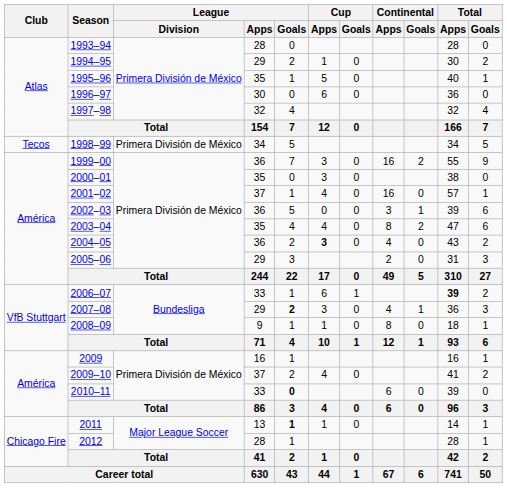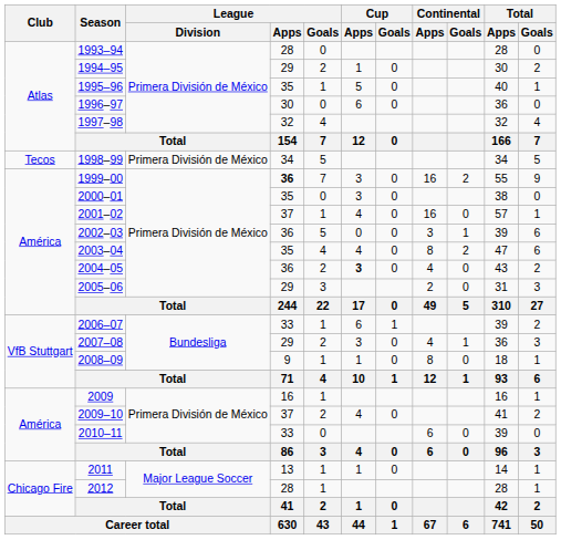 <table class="wikitable" style="text-align:center">
 <tr>
 <th rowspan="2">Club</th>
 <th rowspan="2">Season</th>
 <th colspan="3">League</th>
 <th colspan="2">Cup</th>
 <th colspan="2">Continental</th>
 <th colspan="2">Total</th>
 </tr>
 <tr>
 <th>Division</th>
 <th>Apps</th>
 <th>Goals</th>
 <th>Apps</th>
 <th>Goals</th>
 <th>Apps</th>
 <th>Goals</th>
 <th>Apps</th>
 <th>Goals</th>
 </tr>
 <tr>
 <td rowspan="6"><a href='#'>Atlas</a></td>
 <td><a href='#'>1993–94</a></td>
 <td rowspan="5"><a href='#'>Primera División de México</a></td>
 <td>28</td>
 <td>0</td>
 <td></td>
 <td></td>
 <td></td>
 <td></td>
 <td>28</td>
 <td>0</td>
 </tr>
 <tr>
 <td><a href='#'>1994–95</a></td>
 <td>29</td>
 <td>2</td>
 <td>1</td>
 <td>0</td>
 <td></td>
 <td></td>
 <td>30</td>
 <td>2</td>
 </tr>
 <tr>
 <td><a href='#'>1995–96</a></td>
 <td>35</td>
 <td>1</td>
 <td>5</td>
 <td>0</td>
 <td></td>
 <td></td>
 <td>40</td>
 <td>1</td>
 </tr>
 <tr>
 <td><a href='#'>1996</a>–<a href='#'>97</a></td>
 <td>30</td>
 <td>0</td>
 <td>6</td>
 <td>0</td>
 <td></td>
 <td></td>
 <td>36</td>
 <td>0</td>
 </tr>
 <tr>
 <td><a href='#'>1997</a>–<a href='#'>98</a></td>
 <td>32</td>
 <td>4</td>
 <td></td>
 <td></td>
 <td></td>
 <td></td>
 <td>32</td>
 <td>4</td>
 </tr>
 <tr>
 <th colspan="2">Total</th>
 <th>154</th>
 <th>7</th>
 <th>12</th>
 <th>0</th>
 <th></th>
 <th></th>
 <th>166</th>
 <th>7</th>
 </tr>
 <tr>
 <td><a href='#'>Tecos</a></td>
 <td><a href='#'>1998</a>–<a href='#'>99</a></td>
 <td>Primera División de México</td>
 <td>34</td>
 <td>5</td>
 <td></td>
 <td></td>
 <td></td>
 <td></td>
 <td>34</td>
 <td>5</td>
 </tr>
 <tr>
 <td rowspan="8"><a href='#'>América</a></td>
 <td><a href='#'>1999</a>–<a href='#'>00</a></td>
 <td rowspan="7">Primera División de México</td>
-<td>36</td>
+<td><strong>36</strong></td>
 <td>7</td>
 <td>3</td>
 <td>0</td>
 <td>16</td>
 <td>2</td>
 <td>55</td>
 <td>9</td>
 </tr>
 <tr>
 <td><a href='#'>2000</a>–<a href='#'>01</a></td>
 <td>35</td>
 <td>0</td>
 <td>3</td>
 <td>0</td>
 <td></td>
 <td></td>
 <td>38</td>
 <td>0</td>
 </tr>
 <tr>
 <td><a href='#'>2001</a>–<a href='#'>02</a></td>
 <td>37</td>
 <td>1</td>
 <td>4</td>
 <td>0</td>
 <td>16</td>
 <td>0</td>
 <td>57</td>
 <td>1</td>
 </tr>
 <tr>
 <td><a href='#'>2002</a>–<a href='#'>03</a></td>
 <td>36</td>
 <td>5</td>
 <td>0</td>
 <td>0</td>
 <td>3</td>
 <td>1</td>
 <td>39</td>
 <td>6</td>
 </tr>
 <tr>
 <td><a href='#'>2003</a>–<a href='#'>04</a></td>
 <td>35</td>
 <td>4</td>
 <td>4</td>
 <td>0</td>
 <td>8</td>
 <td>2</td>
 <td>47</td>
 <td>6</td>
 </tr>
 <tr>
 <td><a href='#'>2004</a>–<a href='#'>05</a></td>
 <td>36</td>
 <td>2</td>
 <td><strong>3</strong></td>
 <td>0</td>
 <td>4</td>
 <td>0</td>
 <td>43</td>
 <td>2</td>
 </tr>
 <tr>
 <td><a href='#'>2005</a>–<a href='#'>06</a></td>
 <td>29</td>
 <td>3</td>
 <td></td>
 <td></td>
 <td>2</td>
 <td>0</td>
 <td>31</td>
 <td>3</td>
 </tr>
 <tr>
 <th colspan="2">Total</th>
 <th>244</th>
 <th>22</th>
 <th>17</th>
 <th>0</th>
 <th>49</th>
 <th>5</th>
 <th>310</th>
 <th>27</th>
 </tr>
 <tr>
 <td rowspan="4"><a href='#'>VfB Stuttgart</a></td>
 <td><a href='#'>2006–07</a></td>
 <td rowspan="3"><a href='#'>Bundesliga</a></td>
 <td>33</td>
 <td>1</td>
 <td>6</td>
 <td>1</td>
 <td></td>
 <td></td>
-<td><strong>39</strong></td>
+<td>39</td>
 <td>2</td>
 </tr>
 <tr>
 <td><a href='#'>2007–08</a></td>
 <td>29</td>
-<td><strong>2</strong></td>
+<td>2</td>
 <td>3</td>
 <td>0</td>
 <td>4</td>
 <td>1</td>
 <td>36</td>
 <td>3</td>
 </tr>
 <tr>
 <td><a href='#'>2008–09</a></td>
 <td>9</td>
 <td>1</td>
 <td>1</td>
 <td>0</td>
 <td>8</td>
 <td>0</td>
 <td>18</td>
 <td>1</td>
 </tr>
 <tr>
 <th colspan="2">Total</th>
 <th>71</th>
 <th>4</th>
 <th>10</th>
 <th>1</th>
 <th>12</th>
 <th>1</th>
 <th>93</th>
 <th>6</th>
 </tr>
 <tr>
 <td rowspan="4"><a href='#'>América</a></td>
 <td><a href='#'>2009</a></td>
 <td rowspan="3">Primera División de México</td>
 <td>16</td>
 <td>1</td>
 <td></td>
 <td></td>
 <td></td>
 <td></td>
 <td>16</td>
 <td>1</td>
 </tr>
 <tr>
 <td><a href='#'>2009–10</a></td>
 <td>37</td>
 <td>2</td>
 <td>4</td>
 <td>0</td>
 <td></td>
 <td></td>
 <td>41</td>
 <td>2</td>
 </tr>
 <tr>
 <td><a href='#'>2010–11</a></td>
 <td>33</td>
-<td><strong>0</strong></td>
+<td>0</td>
 <td></td>
 <td></td>
 <td>6</td>
 <td>0</td>
 <td>39</td>
 <td>0</td>
 </tr>
 <tr>
 <th colspan="2">Total</th>
 <th>86</th>
 <th>3</th>
 <th>4</th>
 <th>0</th>
 <th>6</th>
 <th>0</th>
 <th>96</th>
 <th>3</th>
 </tr>
 <tr>
 <td rowspan="3"><a href='#'>Chicago Fire</a></td>
 <td><a href='#'>2011</a></td>
 <td rowspan="2"><a href='#'>Major League Soccer</a></td>
 <td>13</td>
-<td><strong>1</strong></td>
+<td>1</td>
 <td>1</td>
 <td>0</td>
 <td></td>
 <td></td>
 <td>14</td>
 <td>1</td>
 </tr>
 <tr>
 <td><a href='#'>2012</a></td>
 <td>28</td>
 <td>1</td>
 <td></td>
 <td></td>
 <td></td>
 <td></td>
 <td>28</td>
 <td>1</td>
 </tr>
 <tr>
 <th colspan="2">Total</th>
 <th>41</th>
 <th>2</th>
 <th>1</th>
 <th>0</th>
 <th></th>
 <th></th>
 <th>42</th>
 <th>2</th>
 </tr>
 <tr>
 <th colspan="3">Career total</th>
 <th>630</th>
 <th>43</th>
 <th>44</th>
 <th>1</th>
 <th>67</th>
 <th>6</th>
 <th>741</th>
 <th>50</th>
 </tr>
 </table>
